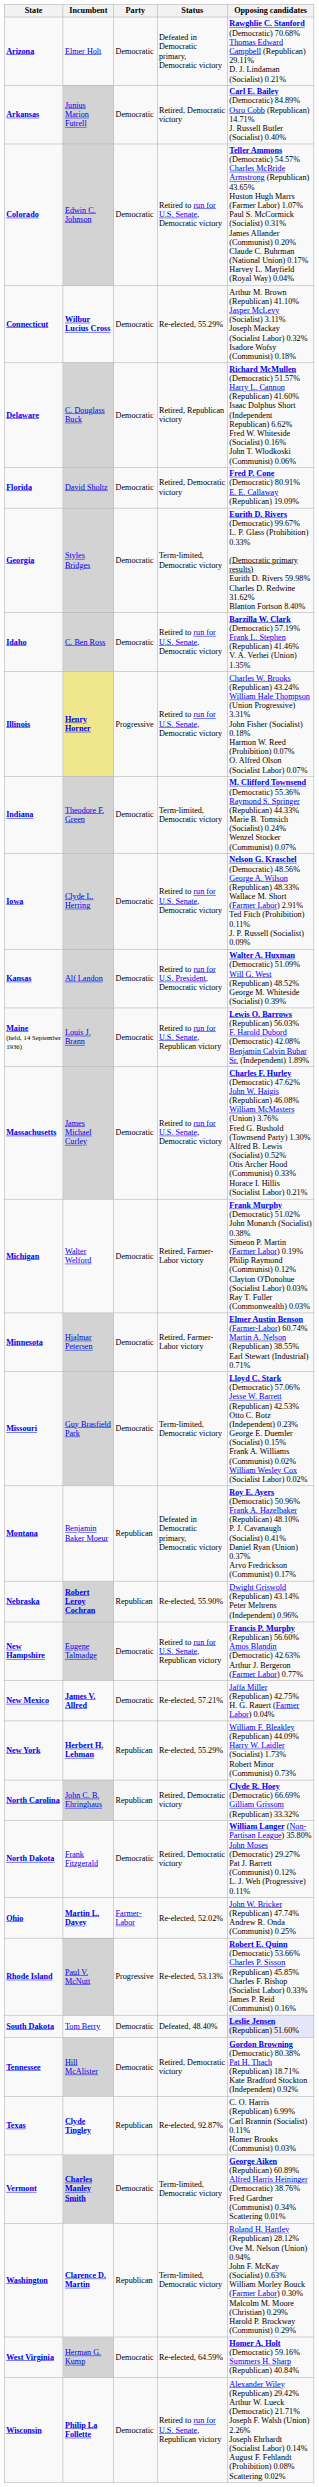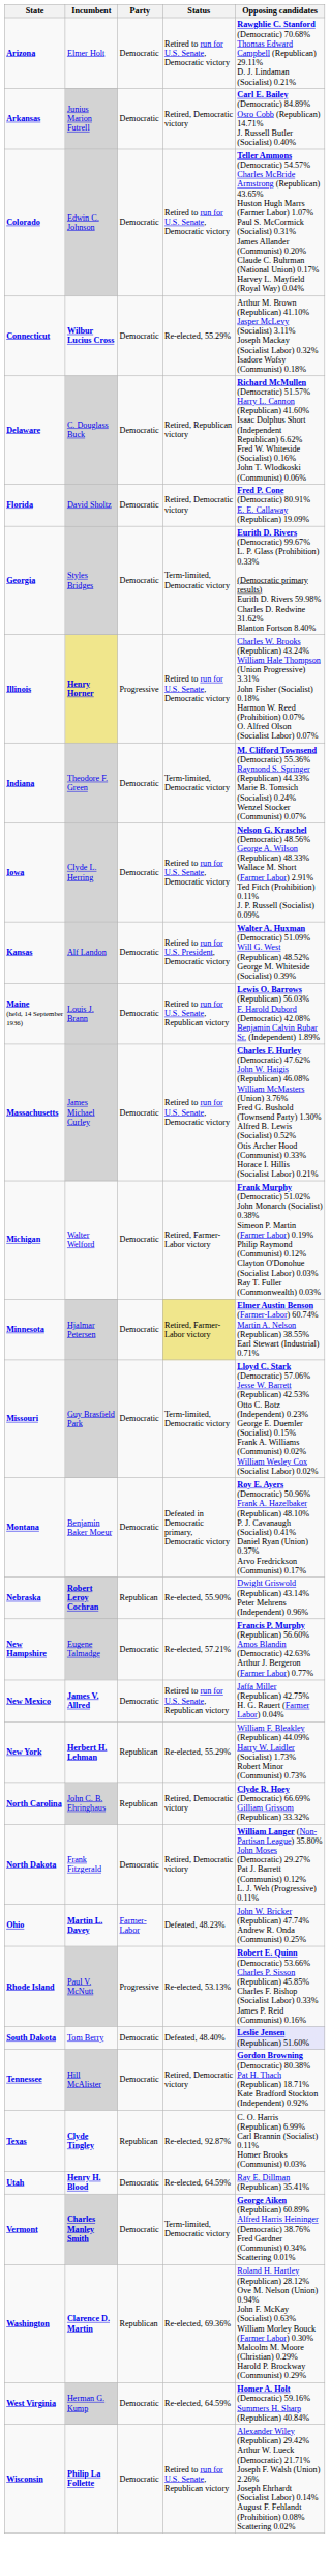 <table class="wikitable">
 <tr>
 <th>State</th>
 <th>Incumbent</th>
 <th>Party</th>
 <th>Status</th>
 <th>Opposing candidates</th>
 </tr>
 <tr>
 <td><strong><a href='#'>Arizona</a></strong></td>
 <td><a href='#'>Elmer Holt</a></td>
 <td>Democratic</td>
-<td>Defeated in Democratic primary, Democratic victory</td>
+<td>Retired to <a href='#'>run for U.S. Senate</a>, Democratic victory</td>
 <td><strong><a href='#'>Rawghlie C. Stanford</a></strong> (Democratic) 70.68%<br><a href='#'>Thomas Edward Campbell</a> (Republican) 29.11%<br>D. J. Lindaman (Socialist) 0.21%<br></td>
 </tr>
 <tr>
 <td><strong><a href='#'>Arkansas</a></strong></td>
 <td bgcolor="lightgrey"><a href='#'>Junius Marion Futrell</a></td>
 <td>Democratic</td>
 <td>Retired, Democratic victory</td>
 <td><strong><a href='#'>Carl E. Bailey</a></strong> (Democratic) 84.89%<br><a href='#'>Osro Cobb</a> (Republican) 14.71%<br>J. Russell Butler (Socialist) 0.40%<br></td>
 </tr>
 <tr>
 <td><strong><a href='#'>Colorado</a></strong></td>
 <td bgcolor="lightgrey"><a href='#'>Edwin C. Johnson</a></td>
 <td>Democratic</td>
 <td>Retired to <a href='#'>run for U.S. Senate</a>, Democratic victory</td>
 <td><strong><a href='#'>Teller Ammons</a></strong> (Democratic) 54.57%<br><a href='#'>Charles McBride Armstrong</a> (Republican) 43.65%<br>Huston Hugh Marrs (Farmer Labor) 1.07%<br>Paul S. McCormick (Socialist) 0.31%<br>James Allander (Communist) 0.20%<br>Claude C. Buhrman (National Union) 0.17%<br>Harvey L. Mayfield (Royal Way) 0.04%<br></td>
 </tr>
 <tr>
 <td><strong><a href='#'>Connecticut</a></strong></td>
 <td><strong><a href='#'>Wilbur Lucius Cross</a></strong></td>
 <td>Democratic</td>
 <td>Re-elected, 55.29%</td>
 <td>Arthur M. Brown (Republican) 41.10%<br><a href='#'>Jasper McLevy</a> (Socialist) 3.11%<br>Joseph Mackay (Socialist Labor) 0.32%<br>Isadore Wofsy (Communist) 0.18%<br></td>
 </tr>
 <tr>
 <td><strong><a href='#'>Delaware</a></strong></td>
 <td bgcolor="lightgrey"><a href='#'>C. Douglass Buck</a></td>
 <td>Democratic</td>
 <td>Retired, Republican victory</td>
 <td><strong><a href='#'>Richard McMullen</a></strong> (Democratic) 51.57%<br><a href='#'>Harry L. Cannon</a> (Republican) 41.60%<br>Isaac Dolphus Short (Independent Republican) 6.62%<br>Fred W. Whiteside (Socialist) 0.16%<br>John T. Wlodkoski (Communist) 0.06%<br></td>
 </tr>
 <tr>
 <td><strong><a href='#'>Florida</a></strong></td>
 <td bgcolor="lightgrey"><a href='#'>David Sholtz</a></td>
 <td>Democratic</td>
 <td>Retired, Democratic victory</td>
 <td><strong><a href='#'>Fred P. Cone</a></strong> (Democratic) 80.91%<br><a href='#'>E. E. Callaway</a> (Republican) 19.09%<br></td>
 </tr>
 <tr>
 <td><strong><a href='#'>Georgia</a></strong></td>
 <td bgcolor="lightgrey"><a href='#'>Styles Bridges</a></td>
 <td>Democratic</td>
 <td>Term-limited, Democratic victory</td>
 <td><strong><a href='#'>Eurith D. Rivers</a></strong> (Democratic) 99.67%<br>L. P. Glass (Prohibition) 0.33%<br><br><u>(Democratic primary results)</u><br>Eurith D. Rivers 59.98%<br>Charles D. Redwine 31.62%<br>Blanton Fortson 8.40%<br></td>
-</tr>
-<tr>
-<td><strong><a href='#'>Idaho</a></strong></td>
-<td bgcolor="lightgrey"><a href='#'>C. Ben Ross</a></td>
-<td>Democratic</td>
-<td>Retired to <a href='#'>run for U.S. Senate</a>, Democratic victory</td>
-<td><strong><a href='#'>Barzilla W. Clark</a></strong> (Democratic) 57.19%<br><a href='#'>Frank L. Stephen</a> (Republican) 41.46%<br>V. A. Verhei (Union) 1.35%<br></td>
 </tr>
 <tr>
 <td><strong><a href='#'>Illinois</a></strong></td>
 <td style="background: khaki;"><strong><a href='#'>Henry Horner</a></strong></td>
 <td>Progressive</td>
 <td>Retired to <a href='#'>run for U.S. Senate</a>, Democratic victory</td>
 <td><a href='#'>Charles W. Brooks</a> (Republican) 43.24%<br><a href='#'>William Hale Thompson</a> (Union Progressive) 3.31%<br>John Fisher (Socialist) 0.18%<br>Harmon W. Reed (Prohibition) 0.07%<br>O. Alfred Olson (Socialist Labor) 0.07%<br></td>
 </tr>
 <tr>
 <td><strong><a href='#'>Indiana</a></strong></td>
 <td bgcolor="lightgrey"><a href='#'>Theodore F. Green</a></td>
 <td>Democratic</td>
 <td>Term-limited, Democratic victory</td>
 <td><strong><a href='#'>M. Clifford Townsend</a></strong> (Democratic) 55.36%<br><a href='#'>Raymond S. Springer</a> (Republican) 44.33%<br>Marie B. Tomsich (Socialist) 0.24%<br>Wenzel Stocker (Communist) 0.07%<br></td>
 </tr>
 <tr>
 <td><strong><a href='#'>Iowa</a></strong></td>
 <td bgcolor="lightgrey"><a href='#'>Clyde L. Herring</a></td>
 <td>Democratic</td>
 <td>Retired to <a href='#'>run for U.S. Senate</a>, Democratic victory</td>
 <td><strong><a href='#'>Nelson G. Kraschel</a></strong> (Democratic) 48.56%<br><a href='#'>George A. Wilson</a> (Republican) 48.33%<br>Wallace M. Short (<a href='#'>Farmer Labor</a>) 2.91%<br>Ted Fitch (Prohibition) 0.11%<br>J. P. Russell (Socialist) 0.09%<br></td>
 </tr>
 <tr>
 <td><strong><a href='#'>Kansas</a></strong></td>
 <td bgcolor="lightgrey"><a href='#'>Alf Landon</a></td>
 <td>Democratic</td>
 <td>Retired to <a href='#'>run for U.S. President</a>, Democratic victory</td>
 <td><strong><a href='#'>Walter A. Huxman</a></strong> (Democratic) 51.09%<br><a href='#'>Will G. West</a> (Republican) 48.52%<br>George M. Whiteside (Socialist) 0.39%<br></td>
 </tr>
 <tr>
 <td><strong><a href='#'>Maine</a></strong><br><small>(held, 14 September 1936)</small></td>
 <td bgcolor="lightgrey"><a href='#'>Louis J. Brann</a></td>
 <td>Democratic</td>
 <td>Retired to <a href='#'>run for U.S. Senate</a>, Republican victory</td>
 <td><strong><a href='#'>Lewis O. Barrows</a></strong> (Republican) 56.03%<br><a href='#'>F. Harold Dubord</a> (Democratic) 42.08%<br><a href='#'>Benjamin Calvin Bubar Sr.</a> (Independent) 1.89%<br></td>
 </tr>
 <tr>
 <td><strong><a href='#'>Massachusetts</a></strong></td>
 <td bgcolor="lightgrey"><a href='#'>James Michael Curley</a></td>
 <td>Democratic</td>
 <td>Retired to <a href='#'>run for U.S. Senate</a>, Democratic victory</td>
 <td><strong><a href='#'>Charles F. Hurley</a></strong> (Democratic) 47.62%<br><a href='#'>John W. Haigis</a> (Republican) 46.08%<br><a href='#'>William McMasters</a> (Union) 3.76%<br>Fred G. Bushold (Townsend Party) 1.30%<br>Alfred B. Lewis (Socialist) 0.52%<br>Otis Archer Hood (Communist) 0.33%<br>Horace I. Hillis (Socialist Labor) 0.21%<br></td>
 </tr>
 <tr>
 <td><strong><a href='#'>Michigan</a></strong></td>
 <td><a href='#'>Walter Welford</a></td>
 <td>Democratic</td>
 <td>Retired, Farmer-Labor victory</td>
 <td><strong><a href='#'>Frank Murphy</a></strong> (Democratic) 51.02%<br>John Monarch (Socialist) 0.38%<br>Simeon P. Martin (<a href='#'>Farmer Labor</a>) 0.19%<br>Philip Raymond (Communist) 0.12%<br>Clayton O'Donohue (Socialist Labor) 0.03%<br>Ray T. Fuller (Commonwealth) 0.03%<br></td>
 </tr>
 <tr>
 <td><strong><a href='#'>Minnesota</a></strong></td>
 <td bgcolor="lightgrey"><a href='#'>Hjalmar Petersen</a></td>
 <td>Democratic</td>
-<td>Retired, Farmer-Labor victory</td>
+<td style="background: khaki;">Retired, Farmer-Labor victory</td>
 <td><strong><a href='#'>Elmer Austin Benson</a></strong> (<a href='#'>Farmer-Labor</a>) 60.74%<br><a href='#'>Martin A. Nelson</a> (Republican) 38.55%<br>Earl Stewart (Industrial) 0.71%<br></td>
 </tr>
 <tr>
 <td><strong><a href='#'>Missouri</a></strong></td>
 <td bgcolor="lightgrey"><a href='#'>Guy Brasfield Park</a></td>
 <td>Democratic</td>
 <td>Term-limited, Democratic victory</td>
 <td><strong><a href='#'>Lloyd C. Stark</a></strong> (Democratic) 57.06%<br><a href='#'>Jesse W. Barrett</a> (Republican) 42.53%<br>Otto C. Botz (Independent) 0.23%<br>George E. Duemler (Socialist) 0.15%<br>Frank A. Williams (Communist) 0.02%<br><a href='#'>William Wesley Cox</a> (Socialist Labor) 0.02%<br></td>
 </tr>
 <tr>
 <td><strong><a href='#'>Montana</a></strong></td>
 <td><a href='#'>Benjamin Baker Moeur</a></td>
-<td>Republican</td>
+<td>Democratic</td>
 <td>Defeated in Democratic primary, Democratic victory</td>
 <td><strong><a href='#'>Roy E. Ayers</a></strong> (Democratic) 50.96%<br><a href='#'>Frank A. Hazelbaker</a> (Republican) 48.10%<br>P. J. Cavanaugh (Socialist) 0.41%<br>Daniel Ryan (Union) 0.37%<br>Arvo Fredrickson (Communist) 0.17%<br></td>
 </tr>
 <tr>
 <td><strong><a href='#'>Nebraska</a></strong></td>
 <td style="background: lightgrey;"><strong><a href='#'>Robert Leroy Cochran</a></strong></td>
 <td>Republican</td>
 <td>Re-elected, 55.90%</td>
 <td><a href='#'>Dwight Griswold</a> (Republican) 43.14%<br>Peter Mehrens (Independent) 0.96%<br></td>
 </tr>
 <tr>
 <td><strong><a href='#'>New Hampshire</a></strong></td>
 <td bgcolor="lightgrey"><a href='#'>Eugene Talmadge</a></td>
 <td>Democratic</td>
-<td>Retired to <a href='#'>run for U.S. Senate</a>, Republican victory</td>
+<td>Re-elected, 57.21%</td>
 <td><strong><a href='#'>Francis P. Murphy</a></strong> (Republican) 56.60%<br><a href='#'>Amos Blandin</a> (Democratic) 42.63%<br>Arthur J. Bergeron (<a href='#'>Farmer Labor</a>) 0.77%<br></td>
 </tr>
 <tr>
 <td><strong><a href='#'>New Mexico</a></strong></td>
 <td><strong><a href='#'>James V. Allred</a></strong></td>
 <td>Democratic</td>
-<td>Re-elected, 57.21%</td>
+<td>Retired to <a href='#'>run for U.S. Senate</a>, Republican victory</td>
 <td><a href='#'>Jaffa Miller</a> (Republican) 42.75%<br>H. G. Rauert (<a href='#'>Farmer Labor</a>) 0.04%<br></td>
 </tr>
 <tr>
 <td><strong><a href='#'>New York</a></strong></td>
 <td><strong><a href='#'>Herbert H. Lehman</a></strong></td>
 <td>Republican</td>
 <td>Re-elected, 55.29%</td>
 <td><a href='#'>William F. Bleakley</a> (Republican) 44.09%<br><a href='#'>Harry W. Laidler</a> (Socialist) 1.73%<br>Robert Minor (Communist) 0.73%<br></td>
 </tr>
 <tr>
 <td><strong><a href='#'>North Carolina</a></strong></td>
 <td bgcolor="lightgrey"><a href='#'>John C. B. Ehringhaus</a></td>
 <td>Republican</td>
 <td>Retired, Democratic victory</td>
 <td><strong><a href='#'>Clyde R. Hoey</a></strong> (Democratic) 66.69%<br><a href='#'>Gilliam Grissom</a> (Republican) 33.32%<br></td>
 </tr>
 <tr>
 <td><strong><a href='#'>North Dakota</a></strong></td>
 <td><a href='#'>Frank Fitzgerald</a></td>
 <td>Democratic</td>
 <td>Retired, Democratic victory</td>
 <td><strong><a href='#'>William Langer</a></strong> (<a href='#'>Non-Partisan League</a>) 35.80%<br><a href='#'>John Moses</a> (Democratic) 29.27%<br>Pat J. Barrett (Communist) 0.12%<br>L. J. Weh (Progressive) 0.11%<br></td>
 </tr>
 <tr>
 <td><strong><a href='#'>Ohio</a></strong></td>
 <td><strong><a href='#'>Martin L. Davey</a></strong></td>
 <td><a href='#'>Farmer-Labor</a></td>
-<td>Re-elected, 52.02%</td>
+<td>Defeated, 48.23%</td>
 <td><a href='#'>John W. Bricker</a> (Republican) 47.74%<br>Andrew R. Onda (Communist) 0.25%<br></td>
 </tr>
 <tr>
 <td><strong><a href='#'>Rhode Island</a></strong></td>
 <td bgcolor="lightgrey"><a href='#'>Paul V. McNutt</a></td>
 <td>Progressive</td>
 <td>Re-elected, 53.13%</td>
 <td><strong><a href='#'>Robert E. Quinn</a></strong> (Democratic) 53.66%<br><a href='#'>Charles P. Sisson</a> (Republican) 45.85%<br>Charles F. Bishop (Socialist Labor) 0.33%<br>James P. Reid (Communist) 0.16%<br></td>
 </tr>
 <tr>
 <td><strong><a href='#'>South Dakota</a></strong></td>
 <td><a href='#'>Tom Berry</a></td>
 <td>Democratic</td>
 <td>Defeated, 48.40%</td>
 <td style="background: lavender;"><strong><a href='#'>Leslie Jensen</a></strong> (Republican) 51.60%<br></td>
 </tr>
 <tr>
 <td><strong><a href='#'>Tennessee</a></strong></td>
 <td bgcolor="lightgrey"><a href='#'>Hill McAlister</a></td>
 <td>Democratic</td>
 <td>Retired, Democratic victory</td>
 <td><strong><a href='#'>Gordon Browning</a></strong> (Democratic) 80.38%<br><a href='#'>Pat H. Thach</a> (Republican) 18.71%<br>Kate Bradford Stockton (Independent) 0.92%<br></td>
 </tr>
 <tr>
 <td><strong><a href='#'>Texas</a></strong></td>
 <td><strong><a href='#'>Clyde Tingley</a></strong></td>
 <td>Republican</td>
 <td>Re-elected, 92.87%</td>
 <td>C. O. Harris (Republican) 6.99%<br>Carl Brannin (Socialist) 0.11%<br>Homer Brooks (Communist) 0.03%<br></td>
 </tr>
 <tr>
+<td><strong><a href='#'>Utah</a></strong></td>
+<td><strong><a href='#'>Henry H. Blood</a></strong></td>
+<td>Democratic</td>
+<td>Re-elected, 64.59%</td>
+<td><a href='#'>Ray E. Dillman</a> (Republican) 35.41%<br></td>
+</tr>
+<tr>
 <td><strong><a href='#'>Vermont</a></strong></td>
 <td bgcolor="lightgrey"><strong><a href='#'>Charles Manley Smith</a></strong></td>
 <td>Democratic</td>
 <td>Term-limited, Democratic victory</td>
 <td><strong><a href='#'>George Aiken</a></strong> (Republican) 60.89%<br><a href='#'>Alfred Harris Heininger</a> (Democratic) 38.76%<br>Fred Gardner (Communist) 0.34%<br>Scattering 0.01%<br></td>
 </tr>
 <tr>
 <td><strong><a href='#'>Washington</a></strong></td>
 <td><strong><a href='#'>Clarence D. Martin</a></strong></td>
 <td>Republican</td>
-<td>Term-limited, Democratic victory</td>
+<td>Re-elected, 69.36%</td>
 <td><a href='#'>Roland H. Hartley</a> (Republican) 28.12%<br>Ove M. Nelson (Union) 0.94%<br>John F. McKay (Socialist) 0.63%<br>William Morley Bouck (<a href='#'>Farmer Labor</a>) 0.30%<br>Malcolm M. Moore (Christian) 0.29%<br>Harold P. Brockway (Communist) 0.29%<br></td>
 </tr>
 <tr>
 <td><strong><a href='#'>West Virginia</a></strong></td>
 <td bgcolor="lightgrey"><a href='#'>Herman G. Kump</a></td>
 <td>Democratic</td>
 <td>Re-elected, 64.59%</td>
 <td><strong><a href='#'>Homer A. Holt</a></strong> (Democratic) 59.16%<br><a href='#'>Summers H. Sharp</a> (Republican) 40.84%<br></td>
 </tr>
 <tr>
 <td><strong><a href='#'>Wisconsin</a></strong></td>
 <td><strong><a href='#'>Philip La Follette</a></strong></td>
 <td>Democratic</td>
 <td>Retired to <a href='#'>run for U.S. Senate</a>, Republican victory</td>
 <td><a href='#'>Alexander Wiley</a> (Republican) 29.42%<br>Arthur W. Lueck (Democratic) 21.71%<br>Joseph F. Walsh (Union) 2.26%<br>Joseph Ehrhardt (Socialist Labor) 0.14%<br>August F. Fehlandt (Prohibition) 0.08%<br>Scattering 0.02%<br></td>
 </tr>
 </table>
